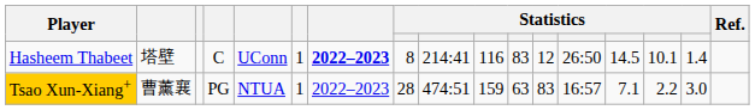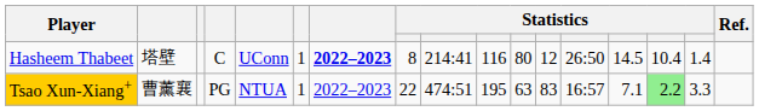 <table class="wikitable sortable" style="font-size:95%; text-align:right;">
 <tr>
 <th rowspan="2">Player</th>
 <th rowspan="2"></th>
 <th rowspan="2"></th>
 <th rowspan="2"></th>
 <th rowspan="2"></th>
 <th rowspan="2"></th>
 <th rowspan="2"></th>
 <th colspan="9">Statistics</th>
 <th rowspan="2">Ref.</th>
 </tr>
 <tr>
 <th></th>
 <th></th>
 <th></th>
 <th></th>
 <th></th>
 <th></th>
 <th></th>
 <th></th>
 <th></th>
 </tr>
 <tr>
 <td align="left"><a href='#'>Hasheem Thabeet</a></td>
 <td align="left">塔壁</td>
 <td align="center"></td>
 <td align="center">C</td>
 <td align="left"><a href='#'>UConn</a></td>
 <td align="center">1</td>
 <td align="center"><strong><a href='#'>2022–2023</a></strong></td>
 <td>8</td>
 <td>214:41</td>
 <td>116</td>
-<td>83</td>
+<td>80</td>
 <td>12</td>
 <td>26:50</td>
 <td>14.5</td>
-<td>10.1</td>
+<td>10.4</td>
 <td>1.4</td>
 <td align="center"></td>
 </tr>
 <tr>
 <td align="left" bgcolor="#FFCC00">Tsao Xun-Xiang<sup>+</sup></td>
 <td align="left">曹薰襄</td>
 <td align="center"></td>
 <td align="center">PG</td>
 <td align="left"><a href='#'>NTUA</a></td>
 <td align="center">1</td>
 <td align="center"><a href='#'>2022–2023</a></td>
-<td>28</td>
+<td>22</td>
 <td>474:51</td>
-<td>159</td>
+<td>195</td>
 <td>63</td>
 <td>83</td>
 <td>16:57</td>
 <td>7.1</td>
-<td>2.2</td>
-<td>3.0</td>
+<td style="background: lightgreen;">2.2</td>
+<td>3.3</td>
 <td align="center"></td>
 </tr>
 </table>
